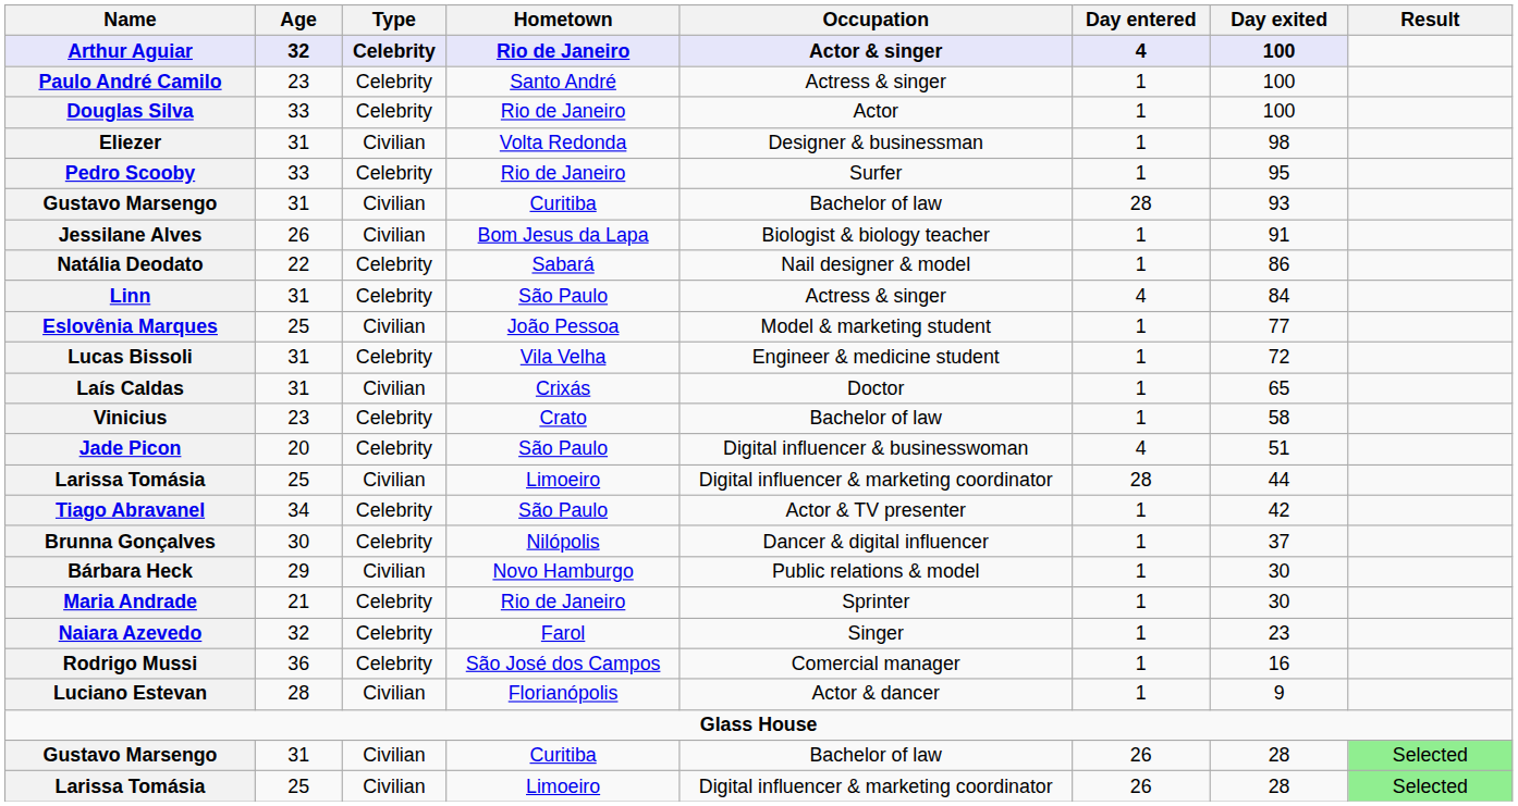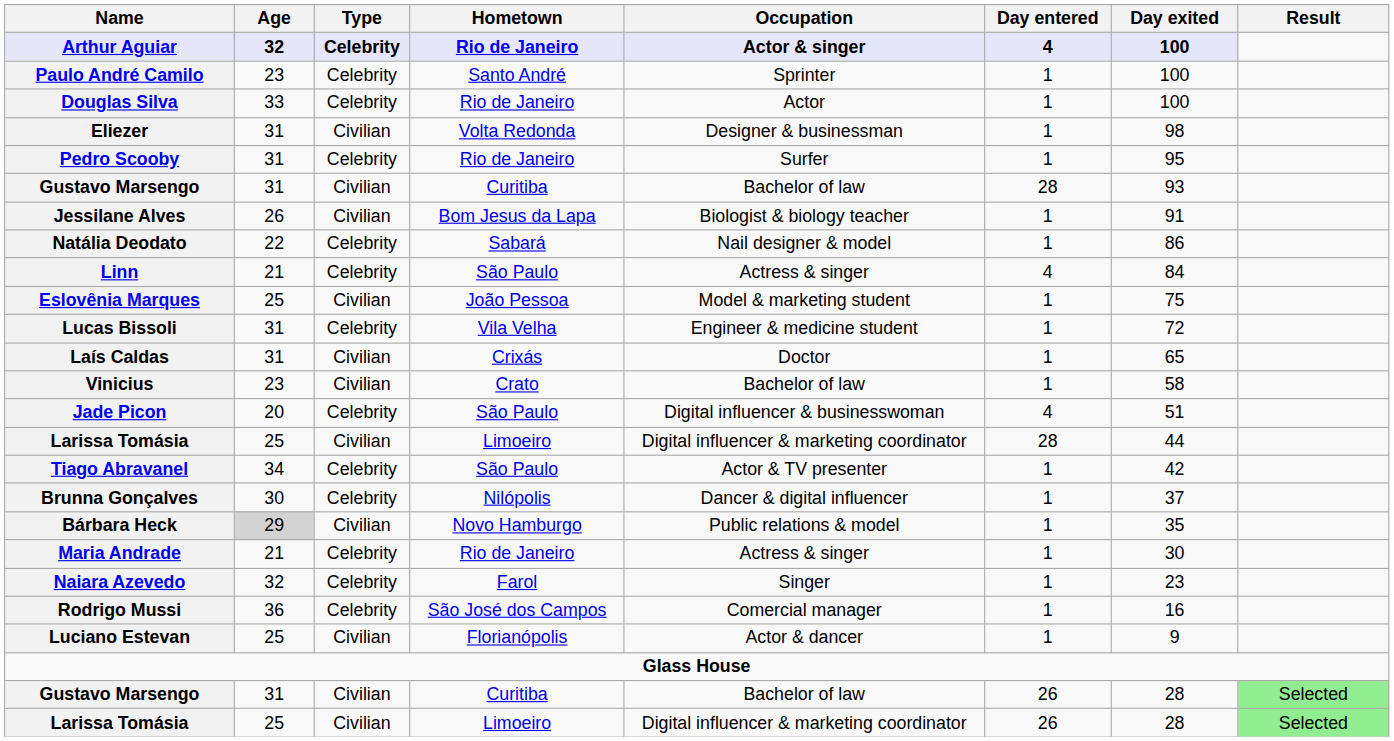 <table class="wikitable sortable" style="text-align:center;">
 <tr>
 <th scope="col" width="14.5%">Name</th>
 <th scope="col" width="05.0%">Age</th>
 <th scope="col" width="06.0%">Type</th>
 <th scope="col" width="13.5%">Hometown</th>
 <th scope="col" width="13.5%">Occupation</th>
 <th scope="col" width="08.0%">Day entered</th>
 <th scope="col" width="08.0%">Day exited</th>
 <th scope="col" width="09.5%">Result</th>
 </tr>
 <tr>
 <td bgcolor="E6E6FA"><strong><a href='#'>Arthur Aguiar</a></strong></td>
 <td bgcolor="E6E6FA"><strong>32</strong></td>
 <td bgcolor="E6E6FA"><strong>Celebrity</strong></td>
 <td bgcolor="E6E6FA"><strong><a href='#'>Rio de Janeiro</a></strong></td>
 <td bgcolor="E6E6FA"><strong>Actor & singer</strong></td>
 <td bgcolor="E6E6FA"><strong>4</strong></td>
 <td bgcolor="E6E6FA"><strong>100</strong></td>
 <td></td>
 </tr>
 <tr>
 <th><a href='#'>Paulo André Camilo</a></th>
 <td>23</td>
 <td>Celebrity</td>
 <td><a href='#'>Santo André</a></td>
-<td>Actress & singer</td>
+<td>Sprinter</td>
 <td>1</td>
 <td>100</td>
 <td></td>
 </tr>
 <tr>
 <th><a href='#'>Douglas Silva</a></th>
 <td>33</td>
 <td>Celebrity</td>
 <td><a href='#'>Rio de Janeiro</a></td>
 <td>Actor</td>
 <td>1</td>
 <td>100</td>
 <td></td>
 </tr>
 <tr>
 <th>Eliezer </th>
 <td>31</td>
 <td>Civilian</td>
 <td><a href='#'>Volta Redonda</a></td>
 <td>Designer & businessman</td>
 <td>1</td>
 <td>98</td>
 <td></td>
 </tr>
 <tr>
 <th><a href='#'>Pedro Scooby</a></th>
-<td>33</td>
+<td>31</td>
 <td>Celebrity</td>
 <td><a href='#'>Rio de Janeiro</a></td>
 <td>Surfer</td>
 <td>1</td>
 <td>95</td>
 <td></td>
 </tr>
 <tr>
 <th>Gustavo Marsengo</th>
 <td>31</td>
 <td>Civilian</td>
 <td><a href='#'>Curitiba</a></td>
 <td>Bachelor of law</td>
 <td>28</td>
 <td>93</td>
 <td></td>
 </tr>
 <tr>
 <th>Jessilane Alves</th>
 <td>26</td>
 <td>Civilian</td>
 <td><a href='#'>Bom Jesus da Lapa</a></td>
 <td>Biologist & biology teacher</td>
 <td>1</td>
 <td>91</td>
 <td></td>
 </tr>
 <tr>
 <th>Natália Deodato</th>
 <td>22</td>
 <td>Celebrity</td>
 <td><a href='#'>Sabará</a></td>
 <td>Nail designer & model</td>
 <td>1</td>
 <td>86</td>
 <td></td>
 </tr>
 <tr>
 <th><a href='#'>Linn </a></th>
-<td>31</td>
+<td>21</td>
 <td>Celebrity</td>
 <td><a href='#'>São Paulo</a></td>
 <td>Actress & singer</td>
 <td>4</td>
 <td>84</td>
 <td></td>
 </tr>
 <tr>
 <th><a href='#'>Eslovênia Marques</a></th>
 <td>25</td>
 <td>Civilian</td>
 <td><a href='#'>João Pessoa</a></td>
 <td>Model & marketing student</td>
 <td>1</td>
-<td>77</td>
+<td>75</td>
 <td></td>
 </tr>
 <tr>
 <th>Lucas Bissoli</th>
 <td>31</td>
 <td>Celebrity</td>
 <td><a href='#'>Vila Velha</a></td>
 <td>Engineer & medicine student</td>
 <td>1</td>
 <td>72</td>
 <td></td>
 </tr>
 <tr>
 <th>Laís Caldas</th>
 <td>31</td>
 <td>Civilian</td>
 <td><a href='#'>Crixás</a></td>
 <td>Doctor</td>
 <td>1</td>
 <td>65</td>
 <td></td>
 </tr>
 <tr>
 <th>Vinicius </th>
 <td>23</td>
-<td>Celebrity</td>
+<td>Civilian</td>
 <td><a href='#'>Crato</a></td>
 <td>Bachelor of law</td>
 <td>1</td>
 <td>58</td>
 <td></td>
 </tr>
 <tr>
 <th><a href='#'>Jade Picon</a></th>
 <td>20</td>
 <td>Celebrity</td>
 <td><a href='#'>São Paulo</a></td>
 <td nowrap>Digital influencer & businesswoman</td>
 <td>4</td>
 <td>51</td>
 <td></td>
 </tr>
 <tr>
 <th>Larissa Tomásia</th>
 <td>25</td>
 <td>Civilian</td>
 <td><a href='#'>Limoeiro</a></td>
 <td nowrap>Digital influencer & marketing coordinator</td>
 <td>28</td>
 <td>44</td>
 <td></td>
 </tr>
 <tr>
 <th><a href='#'>Tiago Abravanel</a></th>
 <td>34</td>
 <td>Celebrity</td>
 <td><a href='#'>São Paulo</a></td>
 <td>Actor & TV presenter</td>
 <td>1</td>
 <td>42</td>
 <td></td>
 </tr>
 <tr>
 <th>Brunna Gonçalves</th>
 <td>30</td>
 <td>Celebrity</td>
 <td><a href='#'>Nilópolis</a></td>
 <td>Dancer & digital influencer</td>
 <td>1</td>
 <td>37</td>
 <td></td>
 </tr>
 <tr>
 <th>Bárbara Heck</th>
-<td>29</td>
+<td style="background: lightgrey;">29</td>
 <td>Civilian</td>
 <td><a href='#'>Novo Hamburgo</a></td>
 <td>Public relations & model</td>
 <td>1</td>
-<td>30</td>
+<td>35</td>
 <td></td>
 </tr>
 <tr>
 <th><a href='#'>Maria Andrade</a></th>
 <td>21</td>
 <td>Celebrity</td>
 <td><a href='#'>Rio de Janeiro</a></td>
-<td>Sprinter</td>
+<td>Actress & singer</td>
 <td>1</td>
 <td>30</td>
 <td></td>
 </tr>
 <tr>
 <th><a href='#'>Naiara Azevedo</a></th>
 <td>32</td>
 <td>Celebrity</td>
 <td><a href='#'>Farol</a></td>
 <td>Singer</td>
 <td>1</td>
 <td>23</td>
 <td></td>
 </tr>
 <tr>
 <th>Rodrigo Mussi</th>
 <td>36</td>
 <td>Celebrity</td>
 <td nowrap><a href='#'>São José dos Campos</a></td>
 <td>Comercial manager</td>
 <td>1</td>
 <td>16</td>
 <td></td>
 </tr>
 <tr>
 <th>Luciano Estevan</th>
-<td>28</td>
+<td>25</td>
 <td>Civilian</td>
 <td><a href='#'>Florianópolis</a></td>
 <td>Actor & dancer</td>
 <td>1</td>
 <td>9</td>
 <td></td>
 </tr>
 <tr>
 <td colspan=8 align=center><strong>Glass House</strong></td>
 </tr>
 <tr>
 <th>Gustavo Marsengo</th>
 <td>31</td>
 <td>Civilian</td>
 <td><a href='#'>Curitiba</a></td>
 <td>Bachelor of law</td>
 <td>26</td>
 <td>28</td>
 <td bgcolor=90EE90>Selected</td>
 </tr>
 <tr>
 <th>Larissa Tomásia</th>
 <td>25</td>
 <td>Civilian</td>
 <td><a href='#'>Limoeiro</a></td>
 <td nowrap>Digital influencer & marketing coordinator</td>
 <td>26</td>
 <td>28</td>
 <td bgcolor=90EE90>Selected</td>
 </tr>
 </table>
